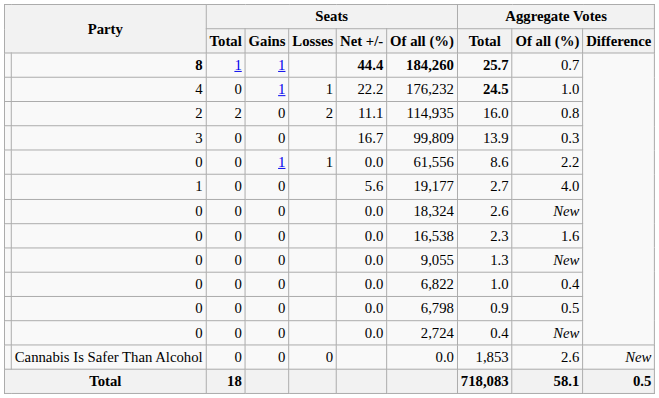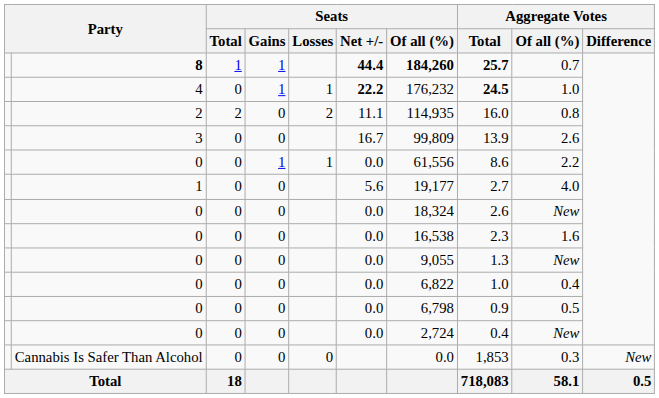 <table class="wikitable sortable" style="text-align:right; font-size:95%;">
 <tr>
 <th colspan="2" rowspan="2">Party</th>
 <th colspan="5">Seats</th>
 <th colspan="3">Aggregate Votes</th>
 </tr>
 <tr>
 <th>Total</th>
 <th>Gains</th>
 <th>Losses</th>
 <th>Net +/-</th>
 <th>Of all (%)</th>
 <th>Total</th>
 <th>Of all (%)</th>
 <th>Difference</th>
 </tr>
 <tr>
 <td></td>
 <td><strong>8</strong></td>
 <td><a href='#'>1</a></td>
 <td><a href='#'>1</a></td>
 <td></td>
 <td><strong>44.4</strong></td>
 <td><strong>184,260</strong></td>
 <td><strong>25.7</strong></td>
 <td>0.7</td>
 </tr>
 <tr>
 <td></td>
 <td>4</td>
 <td>0</td>
 <td><a href='#'>1</a></td>
 <td>1</td>
-<td>22.2</td>
+<td><strong>22.2</strong></td>
 <td>176,232</td>
 <td><strong>24.5</strong></td>
 <td>1.0</td>
 </tr>
 <tr>
 <td></td>
 <td>2</td>
 <td>2</td>
 <td>0</td>
 <td>2</td>
 <td>11.1</td>
 <td>114,935</td>
 <td>16.0</td>
 <td>0.8</td>
 </tr>
 <tr>
 <td></td>
 <td>3</td>
 <td>0</td>
 <td>0</td>
 <td></td>
 <td>16.7</td>
 <td>99,809</td>
 <td>13.9</td>
-<td>0.3</td>
+<td>2.6</td>
 </tr>
 <tr>
 <td></td>
 <td>0</td>
 <td>0</td>
 <td><a href='#'>1</a></td>
 <td>1</td>
 <td>0.0</td>
 <td>61,556</td>
 <td>8.6</td>
 <td>2.2</td>
 </tr>
 <tr>
 <td></td>
 <td>1</td>
 <td>0</td>
 <td>0</td>
 <td></td>
 <td>5.6</td>
 <td>19,177</td>
 <td>2.7</td>
 <td>4.0</td>
 </tr>
 <tr>
 <td></td>
 <td>0</td>
 <td>0</td>
 <td>0</td>
 <td></td>
 <td>0.0</td>
 <td>18,324</td>
 <td>2.6</td>
 <td><em>New</em></td>
 </tr>
 <tr>
 <td></td>
 <td>0</td>
 <td>0</td>
 <td>0</td>
 <td></td>
 <td>0.0</td>
 <td>16,538</td>
 <td>2.3</td>
 <td>1.6</td>
 </tr>
 <tr>
 <td></td>
 <td>0</td>
 <td>0</td>
 <td>0</td>
 <td></td>
 <td>0.0</td>
 <td>9,055</td>
 <td>1.3</td>
 <td><em>New</em></td>
 </tr>
 <tr>
 <td></td>
 <td>0</td>
 <td>0</td>
 <td>0</td>
 <td></td>
 <td>0.0</td>
 <td>6,822</td>
 <td>1.0</td>
 <td>0.4</td>
 </tr>
 <tr>
 <td></td>
 <td>0</td>
 <td>0</td>
 <td>0</td>
 <td></td>
 <td>0.0</td>
 <td>6,798</td>
 <td>0.9</td>
 <td>0.5</td>
 </tr>
 <tr>
 <td></td>
 <td>0</td>
 <td>0</td>
 <td>0</td>
 <td></td>
 <td>0.0</td>
 <td>2,724</td>
 <td>0.4</td>
 <td><em>New</em></td>
 </tr>
 <tr>
 <td></td>
 <td>Cannabis Is Safer Than Alcohol</td>
 <td>0</td>
 <td>0</td>
 <td>0</td>
 <td></td>
 <td>0.0</td>
 <td>1,853</td>
-<td>2.6</td>
+<td>0.3</td>
 <td><em>New</em></td>
 </tr>
 <tr class="sortbottom">
 <th colspan="2" style="background:#f2f2f2"><strong>Total</strong></th>
 <td style="background:#f2f2f2;"><strong>18</strong></td>
 <td style="background:#f2f2f2;"></td>
 <td style="background:#f2f2f2;"></td>
 <td style="background:#f2f2f2;"></td>
 <td style="background:#f2f2f2;"></td>
 <td style="background:#f2f2f2;"><strong>718,083</strong></td>
 <td style="background:#f2f2f2;"><strong>58.1</strong></td>
 <td style="background:#f2f2f2;"><strong>0.5</strong></td>
 </tr>
 </table>
